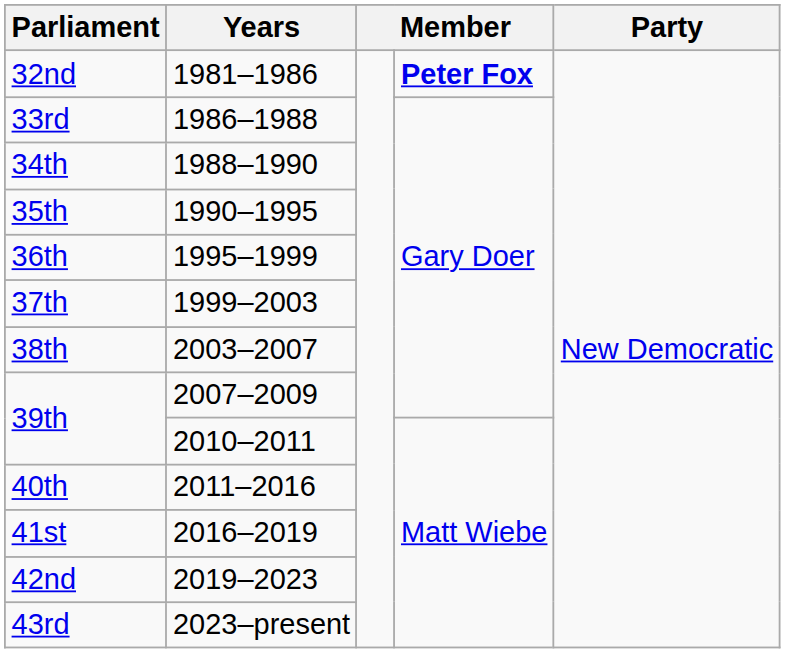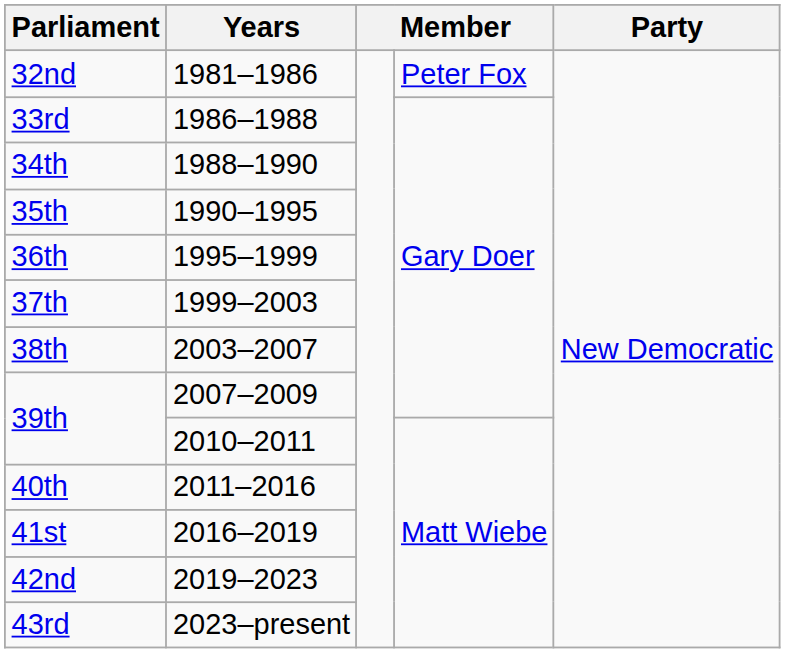 <table class="wikitable">
 <tr>
 <th>Parliament</th>
 <th>Years</th>
 <th colspan="2">Member</th>
 <th>Party<br></th>
 </tr>
 <tr>
 <td><a href='#'>32nd</a></td>
 <td>1981–1986</td>
 <td rowspan="13" >   </td>
-<td rowspan="1"><strong><a href='#'>Peter Fox</a></strong></td>
+<td rowspan="1"><a href='#'>Peter Fox</a></td>
 <td rowspan="13"><a href='#'>New Democratic</a></td>
 </tr>
 <tr>
 <td><a href='#'>33rd</a></td>
 <td>1986–1988</td>
 <td rowspan="7"><a href='#'>Gary Doer</a></td>
 </tr>
 <tr>
 <td><a href='#'>34th</a></td>
 <td>1988–1990</td>
 </tr>
 <tr>
 <td><a href='#'>35th</a></td>
 <td>1990–1995</td>
 </tr>
 <tr>
 <td><a href='#'>36th</a></td>
 <td>1995–1999</td>
 </tr>
 <tr>
 <td><a href='#'>37th</a></td>
 <td>1999–2003</td>
 </tr>
 <tr>
 <td><a href='#'>38th</a></td>
 <td>2003–2007</td>
 </tr>
 <tr>
 <td rowspan="2"><a href='#'>39th</a></td>
 <td>2007–2009</td>
 </tr>
 <tr>
 <td>2010–2011</td>
 <td rowspan="5"><a href='#'>Matt Wiebe</a></td>
 </tr>
 <tr>
 <td><a href='#'>40th</a></td>
 <td>2011–2016</td>
 </tr>
 <tr>
 <td><a href='#'>41st</a></td>
 <td>2016–2019</td>
 </tr>
 <tr>
 <td><a href='#'>42nd</a></td>
 <td>2019–2023</td>
 </tr>
 <tr>
 <td><a href='#'>43rd</a></td>
 <td>2023–present</td>
 </tr>
 </table>
